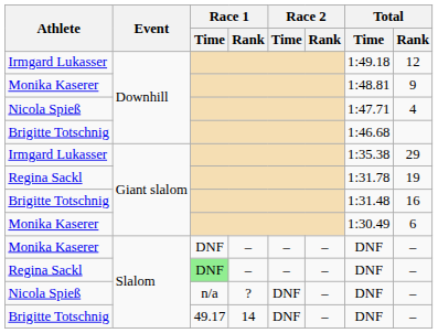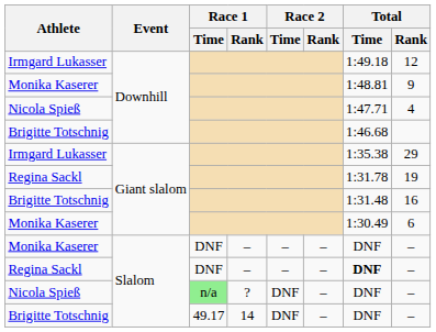 <table class="wikitable" style="font-size:90%">
 <tr>
 <th rowspan="2">Athlete</th>
 <th rowspan="2">Event</th>
 <th colspan="2">Race 1</th>
 <th colspan="2">Race 2</th>
 <th colspan="2">Total</th>
 </tr>
 <tr>
 <th>Time</th>
 <th>Rank</th>
 <th>Time</th>
 <th>Rank</th>
 <th>Time</th>
 <th>Rank</th>
 </tr>
 <tr>
 <td><a href='#'>Irmgard Lukasser</a></td>
 <td rowspan="4">Downhill</td>
 <td colspan="4" bgcolor="wheat"></td>
 <td align="center">1:49.18</td>
 <td align="center">12</td>
 </tr>
 <tr>
 <td><a href='#'>Monika Kaserer</a></td>
 <td colspan="4" bgcolor="wheat"></td>
 <td align="center">1:48.81</td>
 <td align="center">9</td>
 </tr>
 <tr>
 <td><a href='#'>Nicola Spieß</a></td>
 <td colspan="4" bgcolor="wheat"></td>
 <td align="center">1:47.71</td>
 <td align="center">4</td>
 </tr>
 <tr>
 <td><a href='#'>Brigitte Totschnig</a></td>
 <td colspan="4" bgcolor="wheat"></td>
 <td align="center">1:46.68</td>
 <td align="center"></td>
 </tr>
 <tr>
 <td><a href='#'>Irmgard Lukasser</a></td>
 <td rowspan="4">Giant slalom</td>
 <td colspan="4" bgcolor="wheat"></td>
 <td align="center">1:35.38</td>
 <td align="center">29</td>
 </tr>
 <tr>
 <td><a href='#'>Regina Sackl</a></td>
 <td colspan="4" bgcolor="wheat"></td>
 <td align="center">1:31.78</td>
 <td align="center">19</td>
 </tr>
 <tr>
 <td><a href='#'>Brigitte Totschnig</a></td>
 <td colspan="4" bgcolor="wheat"></td>
 <td align="center">1:31.48</td>
 <td align="center">16</td>
 </tr>
 <tr>
 <td><a href='#'>Monika Kaserer</a></td>
 <td colspan="4" bgcolor="wheat"></td>
 <td align="center">1:30.49</td>
 <td align="center">6</td>
 </tr>
 <tr>
 <td><a href='#'>Monika Kaserer</a></td>
 <td rowspan="4">Slalom</td>
 <td align="center">DNF</td>
 <td align="center">–</td>
 <td align="center">–</td>
 <td align="center">–</td>
 <td align="center">DNF</td>
 <td align="center">–</td>
 </tr>
 <tr>
 <td><a href='#'>Regina Sackl</a></td>
-<td align="center" style="background: lightgreen;">DNF</td>
+<td align="center">DNF</td>
 <td align="center">–</td>
 <td align="center">–</td>
 <td align="center">–</td>
-<td align="center">DNF</td>
+<td align="center"><strong>DNF</strong></td>
 <td align="center">–</td>
 </tr>
 <tr>
 <td><a href='#'>Nicola Spieß</a></td>
-<td align="center">n/a</td>
+<td align="center" style="background: lightgreen;">n/a</td>
 <td align="center">?</td>
 <td align="center">DNF</td>
 <td align="center">–</td>
 <td align="center">DNF</td>
 <td align="center">–</td>
 </tr>
 <tr>
 <td><a href='#'>Brigitte Totschnig</a></td>
 <td align="center">49.17</td>
 <td align="center">14</td>
 <td align="center">DNF</td>
 <td align="center">–</td>
 <td align="center">DNF</td>
 <td align="center">–</td>
 </tr>
 </table>
